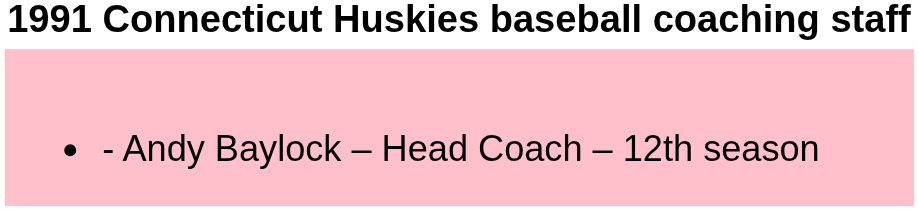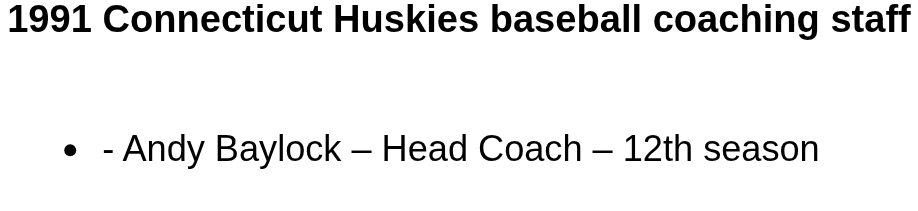 <table class="toccolours">
 <tr>
 <th colspan=9>1991 Connecticut Huskies baseball coaching staff</th>
 </tr>
 <tr>
-<td style="background: pink; text-align: left; font-size: 95%;" valign="top"><br><ul><li>- Andy Baylock – Head Coach – 12th season</li></ul></td>
+<td style="text-align: left; font-size: 95%;" valign="top"><br><ul><li>- Andy Baylock – Head Coach – 12th season</li></ul></td>
 </tr>
 </table>
